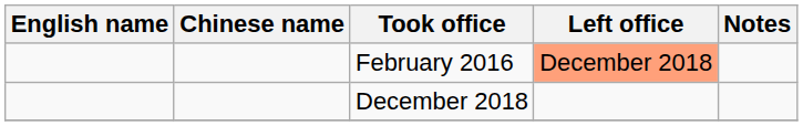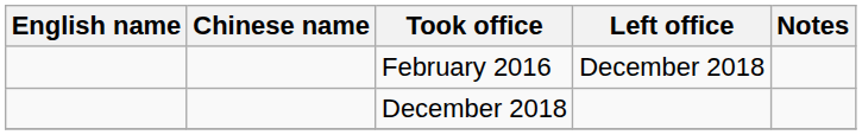 <table class="wikitable">
 <tr>
 <th>English name</th>
 <th>Chinese name</th>
 <th>Took office</th>
 <th>Left office</th>
 <th>Notes</th>
 </tr>
 <tr>
 <td></td>
 <td></td>
 <td>February 2016</td>
-<td style="background: lightsalmon;">December 2018</td>
+<td>December 2018</td>
 <td></td>
 </tr>
 <tr>
 <td></td>
 <td></td>
 <td>December 2018</td>
 <td></td>
 <td></td>
 </tr>
 <tr>
 </tr>
 </table>
